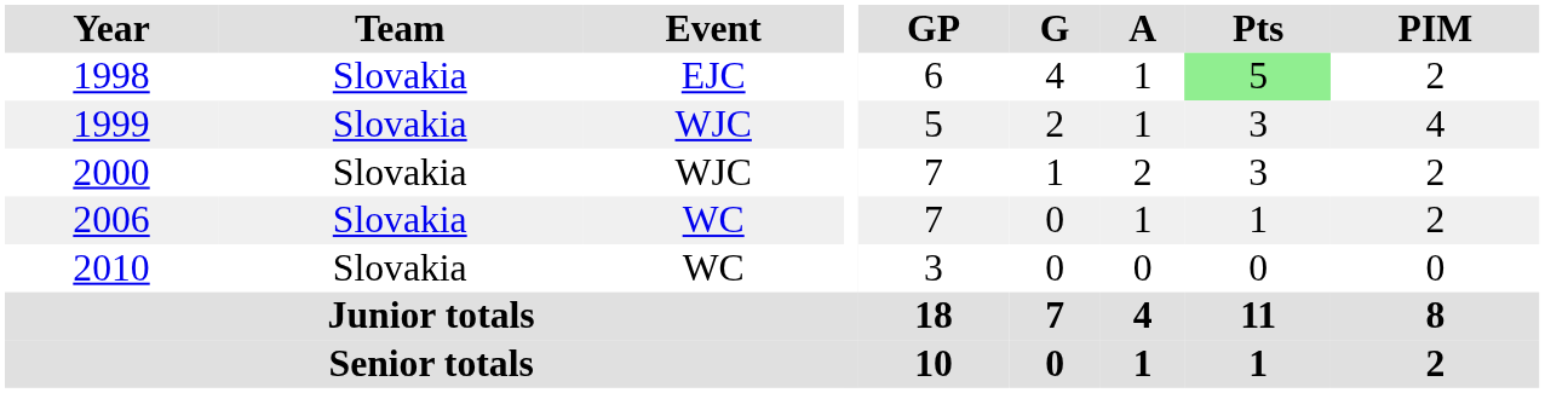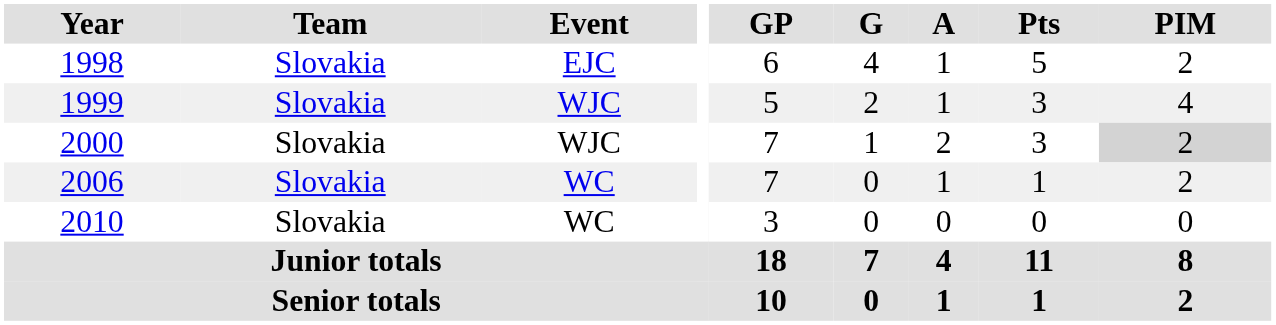 <table border="0" cellpadding="1" cellspacing="0" ID="Table3" style="text-align:center; width:40em">
 <tr bgcolor="#e0e0e0">
 <th>Year</th>
 <th>Team</th>
 <th>Event</th>
 <th rowspan="102" bgcolor="#ffffff"></th>
 <th>GP</th>
 <th>G</th>
 <th>A</th>
 <th>Pts</th>
 <th>PIM</th>
 </tr>
 <tr>
 <td><a href='#'>1998</a></td>
 <td><a href='#'>Slovakia</a></td>
 <td><a href='#'>EJC</a></td>
 <td>6</td>
 <td>4</td>
 <td>1</td>
-<td style="background: lightgreen;">5</td>
+<td>5</td>
 <td>2</td>
 </tr>
 <tr bgcolor="#f0f0f0">
 <td><a href='#'>1999</a></td>
 <td><a href='#'>Slovakia</a></td>
 <td><a href='#'>WJC</a></td>
 <td>5</td>
 <td>2</td>
 <td>1</td>
 <td>3</td>
 <td>4</td>
 </tr>
 <tr>
 <td><a href='#'>2000</a></td>
 <td>Slovakia</td>
 <td>WJC</td>
 <td>7</td>
 <td>1</td>
 <td>2</td>
 <td>3</td>
-<td>2</td>
+<td style="background: lightgrey;">2</td>
 </tr>
 <tr bgcolor="#f0f0f0">
 <td><a href='#'>2006</a></td>
 <td><a href='#'>Slovakia</a></td>
 <td><a href='#'>WC</a></td>
 <td>7</td>
 <td>0</td>
 <td>1</td>
 <td>1</td>
 <td>2</td>
 </tr>
 <tr>
 <td><a href='#'>2010</a></td>
 <td>Slovakia</td>
 <td>WC</td>
 <td>3</td>
 <td>0</td>
 <td>0</td>
 <td>0</td>
 <td>0</td>
 </tr>
 <tr bgcolor="#e0e0e0">
 <th colspan="4">Junior totals</th>
 <th>18</th>
 <th>7</th>
 <th>4</th>
 <th>11</th>
 <th>8</th>
 </tr>
 <tr bgcolor="#e0e0e0">
 <th colspan="4">Senior totals</th>
 <th>10</th>
 <th>0</th>
 <th>1</th>
 <th>1</th>
 <th>2</th>
 </tr>
 </table>
